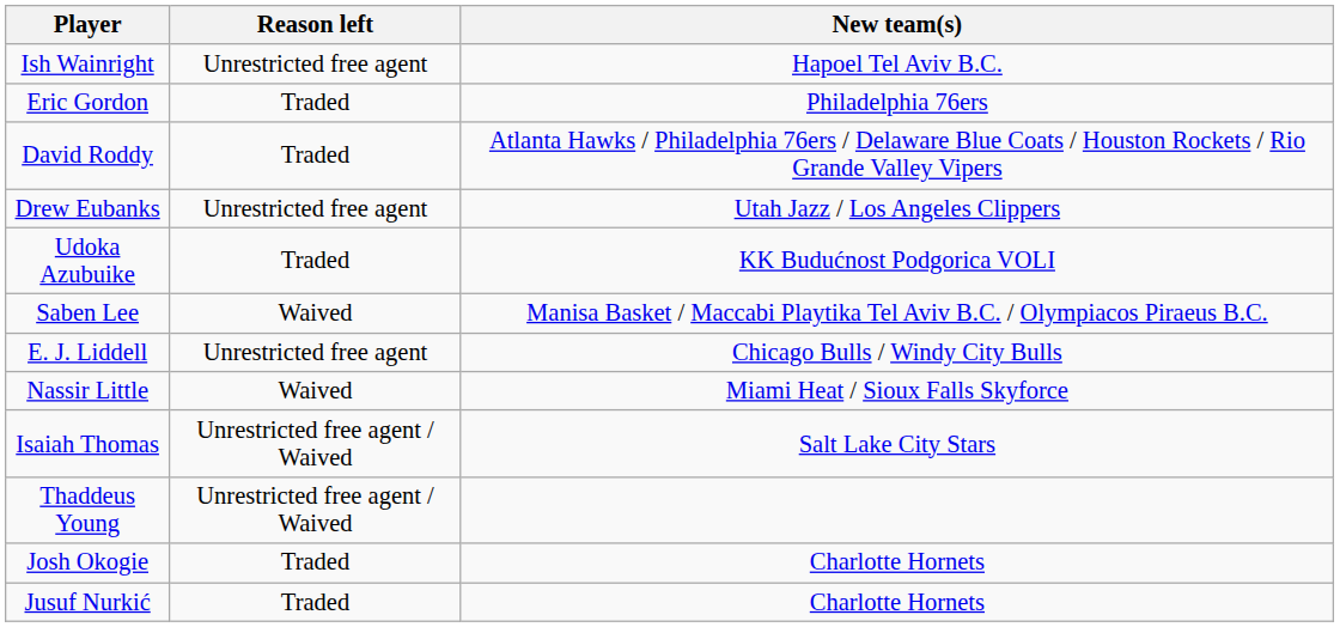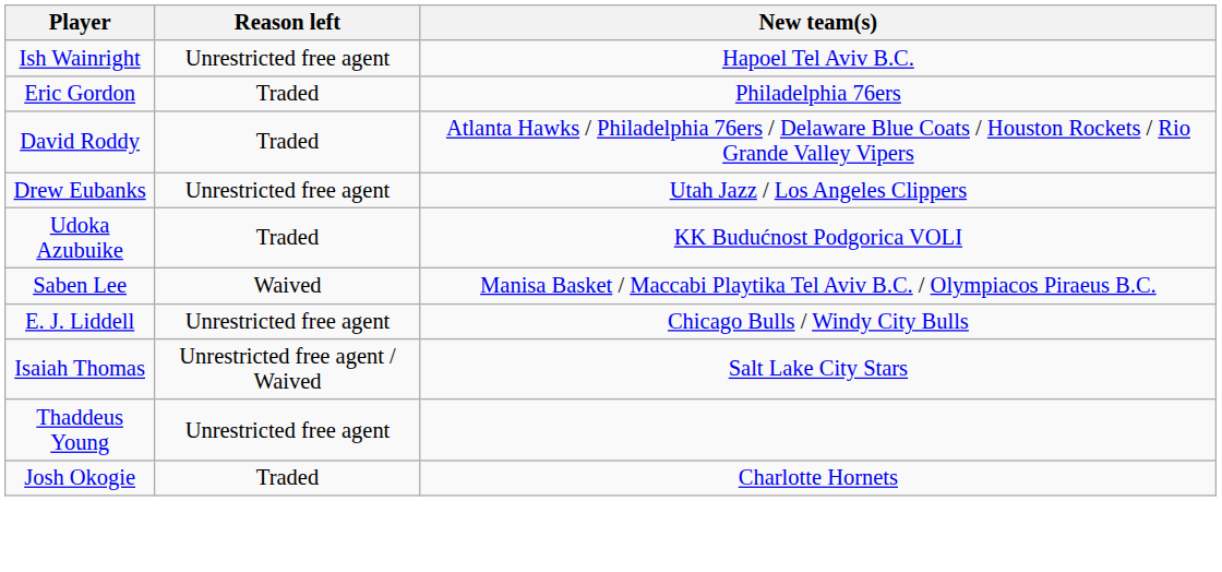 <table class="wikitable sortable sortable">
 <tr>
 <th>Player</th>
 <th>Reason left</th>
 <th>New team(s)</th>
 </tr>
 <tr style="text-align: center">
 <td><a href='#'>Ish Wainright</a></td>
 <td>Unrestricted free agent</td>
 <td> <a href='#'>Hapoel Tel Aviv B.C.</a></td>
 </tr>
 <tr style="text-align: center">
 <td><a href='#'>Eric Gordon</a></td>
 <td>Traded</td>
 <td><a href='#'>Philadelphia 76ers</a></td>
 </tr>
 <tr style="text-align: center">
 <td><a href='#'>David Roddy</a></td>
 <td>Traded</td>
 <td><a href='#'>Atlanta Hawks</a> / <a href='#'>Philadelphia 76ers</a> / <a href='#'>Delaware Blue Coats</a> / <a href='#'>Houston Rockets</a> / <a href='#'>Rio Grande Valley Vipers</a></td>
 </tr>
 <tr style="text-align: center">
 <td><a href='#'>Drew Eubanks</a></td>
 <td>Unrestricted free agent</td>
 <td><a href='#'>Utah Jazz</a> / <a href='#'>Los Angeles Clippers</a></td>
 </tr>
 <tr style="text-align: center">
 <td><a href='#'>Udoka Azubuike</a></td>
 <td>Traded</td>
 <td> <a href='#'>KK Budućnost Podgorica VOLI</a></td>
 </tr>
 <tr style="text-align: center">
 <td><a href='#'>Saben Lee</a></td>
 <td>Waived</td>
 <td> <a href='#'>Manisa Basket</a> /  <a href='#'>Maccabi Playtika Tel Aviv B.C.</a> /  <a href='#'>Olympiacos Piraeus B.C.</a></td>
 </tr>
 <tr style="text-align: center">
 <td><a href='#'>E. J. Liddell</a></td>
 <td>Unrestricted free agent</td>
 <td><a href='#'>Chicago Bulls</a> / <a href='#'>Windy City Bulls</a></td>
 </tr>
 <tr style="text-align: center">
-<td><a href='#'>Nassir Little</a></td>
-<td>Waived</td>
-<td><a href='#'>Miami Heat</a> / <a href='#'>Sioux Falls Skyforce</a></td>
-</tr>
-<tr style="text-align: center">
 <td><a href='#'>Isaiah Thomas</a></td>
 <td>Unrestricted free agent / Waived</td>
 <td><a href='#'>Salt Lake City Stars</a></td>
 </tr>
 <tr style="text-align: center">
 <td><a href='#'>Thaddeus Young</a></td>
-<td>Unrestricted free agent / Waived</td>
+<td>Unrestricted free agent</td>
 <td></td>
 </tr>
 <tr style="text-align: center">
 <td><a href='#'>Josh Okogie</a></td>
 <td>Traded</td>
 <td><a href='#'>Charlotte Hornets</a></td>
 </tr>
-<tr style="text-align: center">
-<td><a href='#'>Jusuf Nurkić</a></td>
-<td>Traded</td>
-<td><a href='#'>Charlotte Hornets</a></td>
-</tr>
 </table>
